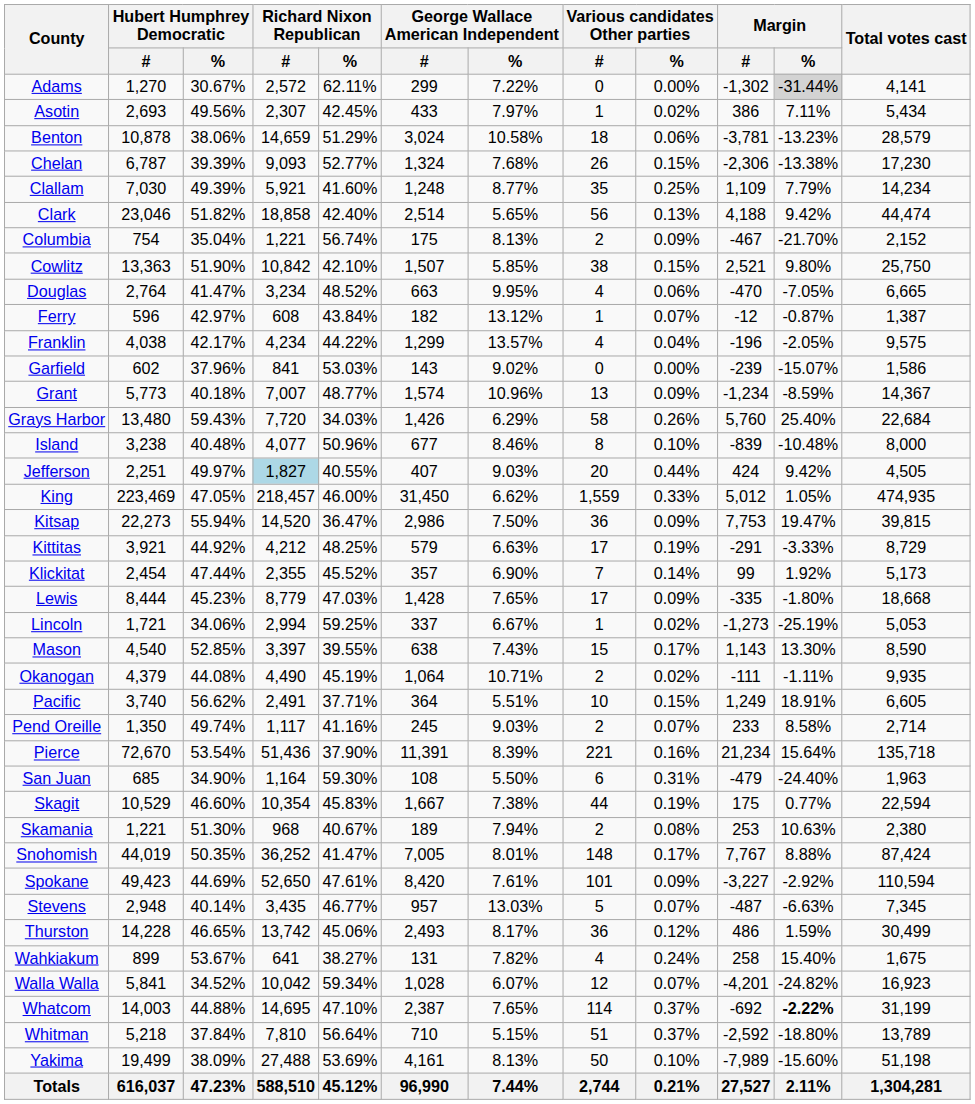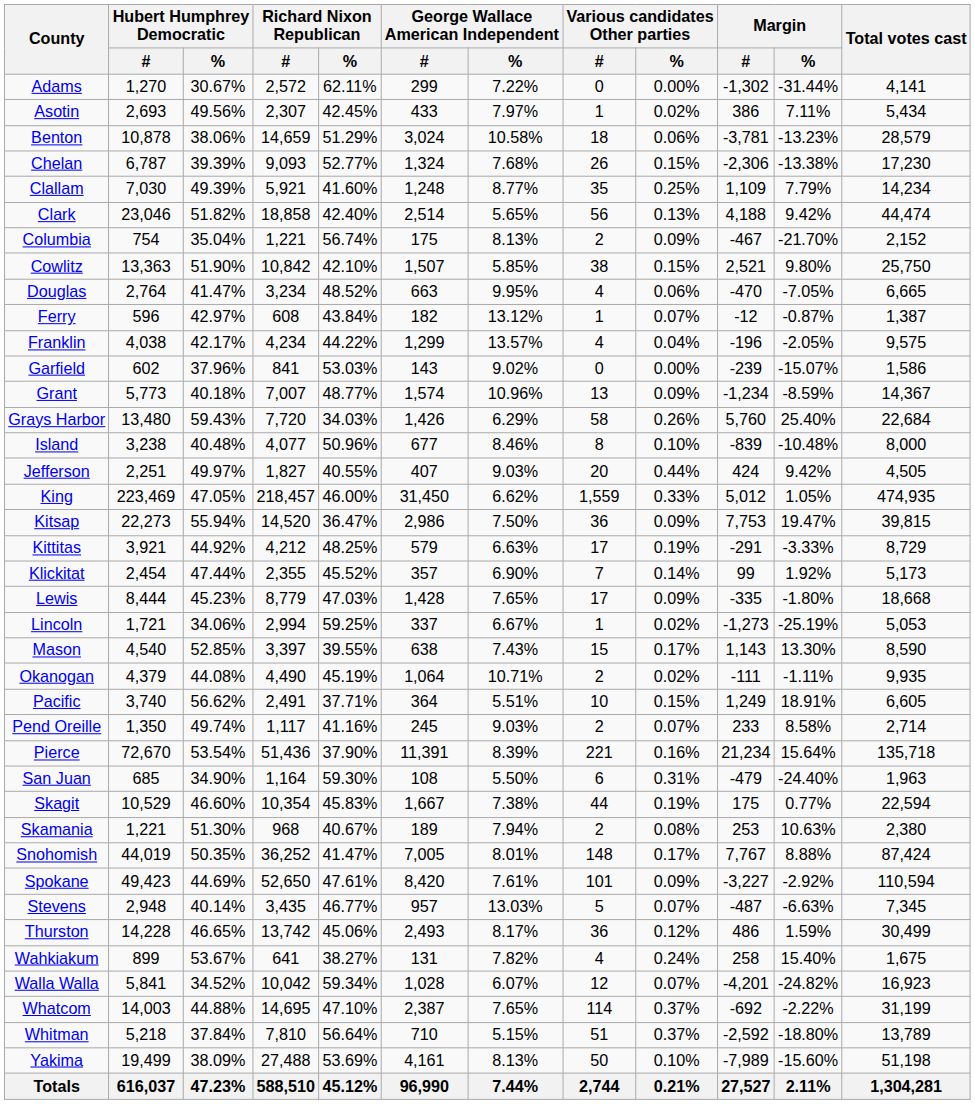 <table class="wikitable sortable">
 <tr>
 <th rowspan="2">County</th>
 <th colspan="2">Hubert Humphrey<br>Democratic</th>
 <th colspan="2">Richard Nixon<br>Republican</th>
 <th colspan="2">George Wallace<br>American Independent</th>
 <th colspan="2">Various candidates<br>Other parties</th>
 <th colspan="2">Margin</th>
 <th rowspan="2">Total votes cast</th>
 </tr>
 <tr>
 <th data-sort-type="number">#</th>
 <th data-sort-type="number">%</th>
 <th data-sort-type="number">#</th>
 <th data-sort-type="number">%</th>
 <th data-sort-type="number">#</th>
 <th data-sort-type="number">%</th>
 <th data-sort-type="number">#</th>
 <th data-sort-type="number">%</th>
 <th data-sort-type="number">#</th>
 <th data-sort-type="number">%</th>
 </tr>
 <tr style="text-align:center;">
 <td><a href='#'>Adams</a></td>
 <td>1,270</td>
 <td>30.67%</td>
 <td>2,572</td>
 <td>62.11%</td>
 <td>299</td>
 <td>7.22%</td>
 <td>0</td>
 <td>0.00%</td>
 <td>-1,302</td>
-<td style="background: lightgrey;">-31.44%</td>
+<td>-31.44%</td>
 <td>4,141</td>
 </tr>
 <tr style="text-align:center;">
 <td><a href='#'>Asotin</a></td>
 <td>2,693</td>
 <td>49.56%</td>
 <td>2,307</td>
 <td>42.45%</td>
 <td>433</td>
 <td>7.97%</td>
 <td>1</td>
 <td>0.02%</td>
 <td>386</td>
 <td>7.11%</td>
 <td>5,434</td>
 </tr>
 <tr style="text-align:center;">
 <td><a href='#'>Benton</a></td>
 <td>10,878</td>
 <td>38.06%</td>
 <td>14,659</td>
 <td>51.29%</td>
 <td>3,024</td>
 <td>10.58%</td>
 <td>18</td>
 <td>0.06%</td>
 <td>-3,781</td>
 <td>-13.23%</td>
 <td>28,579</td>
 </tr>
 <tr style="text-align:center;">
 <td><a href='#'>Chelan</a></td>
 <td>6,787</td>
 <td>39.39%</td>
 <td>9,093</td>
 <td>52.77%</td>
 <td>1,324</td>
 <td>7.68%</td>
 <td>26</td>
 <td>0.15%</td>
 <td>-2,306</td>
 <td>-13.38%</td>
 <td>17,230</td>
 </tr>
 <tr style="text-align:center;">
 <td><a href='#'>Clallam</a></td>
 <td>7,030</td>
 <td>49.39%</td>
 <td>5,921</td>
 <td>41.60%</td>
 <td>1,248</td>
 <td>8.77%</td>
 <td>35</td>
 <td>0.25%</td>
 <td>1,109</td>
 <td>7.79%</td>
 <td>14,234</td>
 </tr>
 <tr style="text-align:center;">
 <td><a href='#'>Clark</a></td>
 <td>23,046</td>
 <td>51.82%</td>
 <td>18,858</td>
 <td>42.40%</td>
 <td>2,514</td>
 <td>5.65%</td>
 <td>56</td>
 <td>0.13%</td>
 <td>4,188</td>
 <td>9.42%</td>
 <td>44,474</td>
 </tr>
 <tr style="text-align:center;">
 <td><a href='#'>Columbia</a></td>
 <td>754</td>
 <td>35.04%</td>
 <td>1,221</td>
 <td>56.74%</td>
 <td>175</td>
 <td>8.13%</td>
 <td>2</td>
 <td>0.09%</td>
 <td>-467</td>
 <td>-21.70%</td>
 <td>2,152</td>
 </tr>
 <tr style="text-align:center;">
 <td><a href='#'>Cowlitz</a></td>
 <td>13,363</td>
 <td>51.90%</td>
 <td>10,842</td>
 <td>42.10%</td>
 <td>1,507</td>
 <td>5.85%</td>
 <td>38</td>
 <td>0.15%</td>
 <td>2,521</td>
 <td>9.80%</td>
 <td>25,750</td>
 </tr>
 <tr style="text-align:center;">
 <td><a href='#'>Douglas</a></td>
 <td>2,764</td>
 <td>41.47%</td>
 <td>3,234</td>
 <td>48.52%</td>
 <td>663</td>
 <td>9.95%</td>
 <td>4</td>
 <td>0.06%</td>
 <td>-470</td>
 <td>-7.05%</td>
 <td>6,665</td>
 </tr>
 <tr style="text-align:center;">
 <td><a href='#'>Ferry</a></td>
 <td>596</td>
 <td>42.97%</td>
 <td>608</td>
 <td>43.84%</td>
 <td>182</td>
 <td>13.12%</td>
 <td>1</td>
 <td>0.07%</td>
 <td>-12</td>
 <td>-0.87%</td>
 <td>1,387</td>
 </tr>
 <tr style="text-align:center;">
 <td><a href='#'>Franklin</a></td>
 <td>4,038</td>
 <td>42.17%</td>
 <td>4,234</td>
 <td>44.22%</td>
 <td>1,299</td>
 <td>13.57%</td>
 <td>4</td>
 <td>0.04%</td>
 <td>-196</td>
 <td>-2.05%</td>
 <td>9,575</td>
 </tr>
 <tr style="text-align:center;">
 <td><a href='#'>Garfield</a></td>
 <td>602</td>
 <td>37.96%</td>
 <td>841</td>
 <td>53.03%</td>
 <td>143</td>
 <td>9.02%</td>
 <td>0</td>
 <td>0.00%</td>
 <td>-239</td>
 <td>-15.07%</td>
 <td>1,586</td>
 </tr>
 <tr style="text-align:center;">
 <td><a href='#'>Grant</a></td>
 <td>5,773</td>
 <td>40.18%</td>
 <td>7,007</td>
 <td>48.77%</td>
 <td>1,574</td>
 <td>10.96%</td>
 <td>13</td>
 <td>0.09%</td>
 <td>-1,234</td>
 <td>-8.59%</td>
 <td>14,367</td>
 </tr>
 <tr style="text-align:center;">
 <td><a href='#'>Grays Harbor</a></td>
 <td>13,480</td>
 <td>59.43%</td>
 <td>7,720</td>
 <td>34.03%</td>
 <td>1,426</td>
 <td>6.29%</td>
 <td>58</td>
 <td>0.26%</td>
 <td>5,760</td>
 <td>25.40%</td>
 <td>22,684</td>
 </tr>
 <tr style="text-align:center;">
 <td><a href='#'>Island</a></td>
 <td>3,238</td>
 <td>40.48%</td>
 <td>4,077</td>
 <td>50.96%</td>
 <td>677</td>
 <td>8.46%</td>
 <td>8</td>
 <td>0.10%</td>
 <td>-839</td>
 <td>-10.48%</td>
 <td>8,000</td>
 </tr>
 <tr style="text-align:center;">
 <td><a href='#'>Jefferson</a></td>
 <td>2,251</td>
 <td>49.97%</td>
-<td style="background: lightblue;">1,827</td>
+<td>1,827</td>
 <td>40.55%</td>
 <td>407</td>
 <td>9.03%</td>
 <td>20</td>
 <td>0.44%</td>
 <td>424</td>
 <td>9.42%</td>
 <td>4,505</td>
 </tr>
 <tr style="text-align:center;">
 <td><a href='#'>King</a></td>
 <td>223,469</td>
 <td>47.05%</td>
 <td>218,457</td>
 <td>46.00%</td>
 <td>31,450</td>
 <td>6.62%</td>
 <td>1,559</td>
 <td>0.33%</td>
 <td>5,012</td>
 <td>1.05%</td>
 <td>474,935</td>
 </tr>
 <tr style="text-align:center;">
 <td><a href='#'>Kitsap</a></td>
 <td>22,273</td>
 <td>55.94%</td>
 <td>14,520</td>
 <td>36.47%</td>
 <td>2,986</td>
 <td>7.50%</td>
 <td>36</td>
 <td>0.09%</td>
 <td>7,753</td>
 <td>19.47%</td>
 <td>39,815</td>
 </tr>
 <tr style="text-align:center;">
 <td><a href='#'>Kittitas</a></td>
 <td>3,921</td>
 <td>44.92%</td>
 <td>4,212</td>
 <td>48.25%</td>
 <td>579</td>
 <td>6.63%</td>
 <td>17</td>
 <td>0.19%</td>
 <td>-291</td>
 <td>-3.33%</td>
 <td>8,729</td>
 </tr>
 <tr style="text-align:center;">
 <td><a href='#'>Klickitat</a></td>
 <td>2,454</td>
 <td>47.44%</td>
 <td>2,355</td>
 <td>45.52%</td>
 <td>357</td>
 <td>6.90%</td>
 <td>7</td>
 <td>0.14%</td>
 <td>99</td>
 <td>1.92%</td>
 <td>5,173</td>
 </tr>
 <tr style="text-align:center;">
 <td><a href='#'>Lewis</a></td>
 <td>8,444</td>
 <td>45.23%</td>
 <td>8,779</td>
 <td>47.03%</td>
 <td>1,428</td>
 <td>7.65%</td>
 <td>17</td>
 <td>0.09%</td>
 <td>-335</td>
 <td>-1.80%</td>
 <td>18,668</td>
 </tr>
 <tr style="text-align:center;">
 <td><a href='#'>Lincoln</a></td>
 <td>1,721</td>
 <td>34.06%</td>
 <td>2,994</td>
 <td>59.25%</td>
 <td>337</td>
 <td>6.67%</td>
 <td>1</td>
 <td>0.02%</td>
 <td>-1,273</td>
 <td>-25.19%</td>
 <td>5,053</td>
 </tr>
 <tr style="text-align:center;">
 <td><a href='#'>Mason</a></td>
 <td>4,540</td>
 <td>52.85%</td>
 <td>3,397</td>
 <td>39.55%</td>
 <td>638</td>
 <td>7.43%</td>
 <td>15</td>
 <td>0.17%</td>
 <td>1,143</td>
 <td>13.30%</td>
 <td>8,590</td>
 </tr>
 <tr style="text-align:center;">
 <td><a href='#'>Okanogan</a></td>
 <td>4,379</td>
 <td>44.08%</td>
 <td>4,490</td>
 <td>45.19%</td>
 <td>1,064</td>
 <td>10.71%</td>
 <td>2</td>
 <td>0.02%</td>
 <td>-111</td>
 <td>-1.11%</td>
 <td>9,935</td>
 </tr>
 <tr style="text-align:center;">
 <td><a href='#'>Pacific</a></td>
 <td>3,740</td>
 <td>56.62%</td>
 <td>2,491</td>
 <td>37.71%</td>
 <td>364</td>
 <td>5.51%</td>
 <td>10</td>
 <td>0.15%</td>
 <td>1,249</td>
 <td>18.91%</td>
 <td>6,605</td>
 </tr>
 <tr style="text-align:center;">
 <td><a href='#'>Pend Oreille</a></td>
 <td>1,350</td>
 <td>49.74%</td>
 <td>1,117</td>
 <td>41.16%</td>
 <td>245</td>
 <td>9.03%</td>
 <td>2</td>
 <td>0.07%</td>
 <td>233</td>
 <td>8.58%</td>
 <td>2,714</td>
 </tr>
 <tr style="text-align:center;">
 <td><a href='#'>Pierce</a></td>
 <td>72,670</td>
 <td>53.54%</td>
 <td>51,436</td>
 <td>37.90%</td>
 <td>11,391</td>
 <td>8.39%</td>
 <td>221</td>
 <td>0.16%</td>
 <td>21,234</td>
 <td>15.64%</td>
 <td>135,718</td>
 </tr>
 <tr style="text-align:center;">
 <td><a href='#'>San Juan</a></td>
 <td>685</td>
 <td>34.90%</td>
 <td>1,164</td>
 <td>59.30%</td>
 <td>108</td>
 <td>5.50%</td>
 <td>6</td>
 <td>0.31%</td>
 <td>-479</td>
 <td>-24.40%</td>
 <td>1,963</td>
 </tr>
 <tr style="text-align:center;">
 <td><a href='#'>Skagit</a></td>
 <td>10,529</td>
 <td>46.60%</td>
 <td>10,354</td>
 <td>45.83%</td>
 <td>1,667</td>
 <td>7.38%</td>
 <td>44</td>
 <td>0.19%</td>
 <td>175</td>
 <td>0.77%</td>
 <td>22,594</td>
 </tr>
 <tr style="text-align:center;">
 <td><a href='#'>Skamania</a></td>
 <td>1,221</td>
 <td>51.30%</td>
 <td>968</td>
 <td>40.67%</td>
 <td>189</td>
 <td>7.94%</td>
 <td>2</td>
 <td>0.08%</td>
 <td>253</td>
 <td>10.63%</td>
 <td>2,380</td>
 </tr>
 <tr style="text-align:center;">
 <td><a href='#'>Snohomish</a></td>
 <td>44,019</td>
 <td>50.35%</td>
 <td>36,252</td>
 <td>41.47%</td>
 <td>7,005</td>
 <td>8.01%</td>
 <td>148</td>
 <td>0.17%</td>
 <td>7,767</td>
 <td>8.88%</td>
 <td>87,424</td>
 </tr>
 <tr style="text-align:center;">
 <td><a href='#'>Spokane</a></td>
 <td>49,423</td>
 <td>44.69%</td>
 <td>52,650</td>
 <td>47.61%</td>
 <td>8,420</td>
 <td>7.61%</td>
 <td>101</td>
 <td>0.09%</td>
 <td>-3,227</td>
 <td>-2.92%</td>
 <td>110,594</td>
 </tr>
 <tr style="text-align:center;">
 <td><a href='#'>Stevens</a></td>
 <td>2,948</td>
 <td>40.14%</td>
 <td>3,435</td>
 <td>46.77%</td>
 <td>957</td>
 <td>13.03%</td>
 <td>5</td>
 <td>0.07%</td>
 <td>-487</td>
 <td>-6.63%</td>
 <td>7,345</td>
 </tr>
 <tr style="text-align:center;">
 <td><a href='#'>Thurston</a></td>
 <td>14,228</td>
 <td>46.65%</td>
 <td>13,742</td>
 <td>45.06%</td>
 <td>2,493</td>
 <td>8.17%</td>
 <td>36</td>
 <td>0.12%</td>
 <td>486</td>
 <td>1.59%</td>
 <td>30,499</td>
 </tr>
 <tr style="text-align:center;">
 <td><a href='#'>Wahkiakum</a></td>
 <td>899</td>
 <td>53.67%</td>
 <td>641</td>
 <td>38.27%</td>
 <td>131</td>
 <td>7.82%</td>
 <td>4</td>
 <td>0.24%</td>
 <td>258</td>
 <td>15.40%</td>
 <td>1,675</td>
 </tr>
 <tr style="text-align:center;">
 <td><a href='#'>Walla Walla</a></td>
 <td>5,841</td>
 <td>34.52%</td>
 <td>10,042</td>
 <td>59.34%</td>
 <td>1,028</td>
 <td>6.07%</td>
 <td>12</td>
 <td>0.07%</td>
 <td>-4,201</td>
 <td>-24.82%</td>
 <td>16,923</td>
 </tr>
 <tr style="text-align:center;">
 <td><a href='#'>Whatcom</a></td>
 <td>14,003</td>
 <td>44.88%</td>
 <td>14,695</td>
 <td>47.10%</td>
 <td>2,387</td>
 <td>7.65%</td>
 <td>114</td>
 <td>0.37%</td>
 <td>-692</td>
-<td><strong>-2.22%</strong></td>
+<td>-2.22%</td>
 <td>31,199</td>
 </tr>
 <tr style="text-align:center;">
 <td><a href='#'>Whitman</a></td>
 <td>5,218</td>
 <td>37.84%</td>
 <td>7,810</td>
 <td>56.64%</td>
 <td>710</td>
 <td>5.15%</td>
 <td>51</td>
 <td>0.37%</td>
 <td>-2,592</td>
 <td>-18.80%</td>
 <td>13,789</td>
 </tr>
 <tr style="text-align:center;">
 <td><a href='#'>Yakima</a></td>
 <td>19,499</td>
 <td>38.09%</td>
 <td>27,488</td>
 <td>53.69%</td>
 <td>4,161</td>
 <td>8.13%</td>
 <td>50</td>
 <td>0.10%</td>
 <td>-7,989</td>
 <td>-15.60%</td>
 <td>51,198</td>
 </tr>
 <tr style="text-align:center;">
 <th>Totals</th>
 <th>616,037</th>
 <th>47.23%</th>
 <th>588,510</th>
 <th>45.12%</th>
 <th>96,990</th>
 <th>7.44%</th>
 <th>2,744</th>
 <th>0.21%</th>
 <th>27,527</th>
 <th>2.11%</th>
 <th>1,304,281</th>
 </tr>
 </table>
